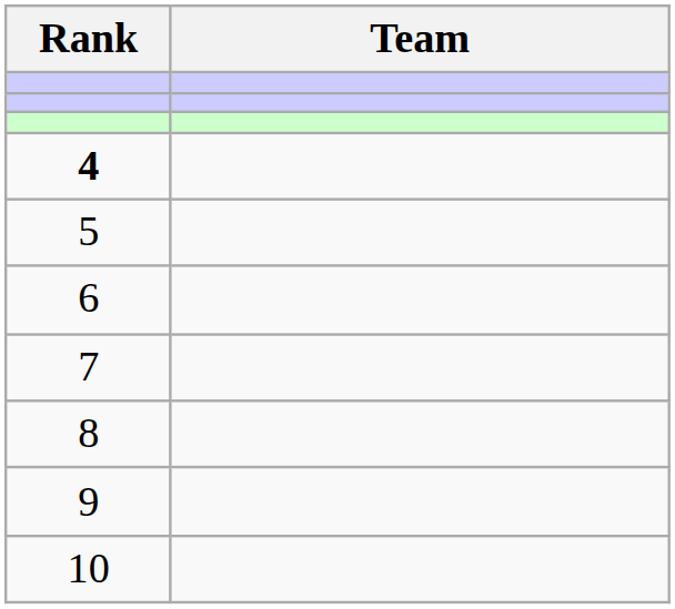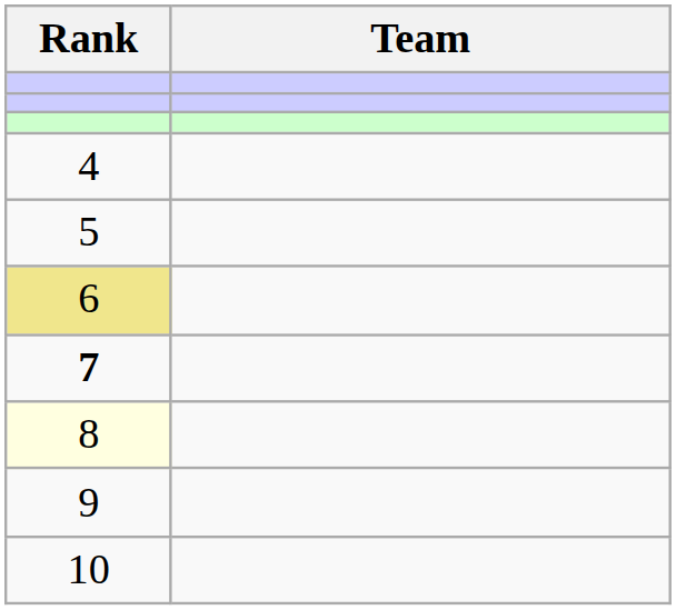 <table class="wikitable" style="text-align: center;">
 <tr>
 <th width="55">Rank</th>
 <th width="180">Team</th>
 </tr>
 <tr bgcolor="#ccf">
 <td></td>
 <td align="left"></td>
 </tr>
 <tr bgcolor="#ccf">
 <td></td>
 <td align="left"></td>
 </tr>
 <tr bgcolor="#cfc">
 <td></td>
 <td align="left"></td>
 </tr>
 <tr>
-<td><strong>4</strong></td>
+<td>4</td>
 <td align="left"></td>
 </tr>
 <tr>
 <td>5</td>
 <td align="left"></td>
 </tr>
 <tr>
-<td>6</td>
+<td style="background: khaki;">6</td>
 <td align="left"></td>
 </tr>
 <tr>
-<td>7</td>
+<td><strong>7</strong></td>
 <td align="left"></td>
 </tr>
 <tr>
-<td>8</td>
+<td style="background: lightyellow;">8</td>
 <td align="left"></td>
 </tr>
 <tr>
 <td>9</td>
 <td align="left"></td>
 </tr>
 <tr>
 <td>10</td>
 <td align="left"></td>
 </tr>
 </table>
